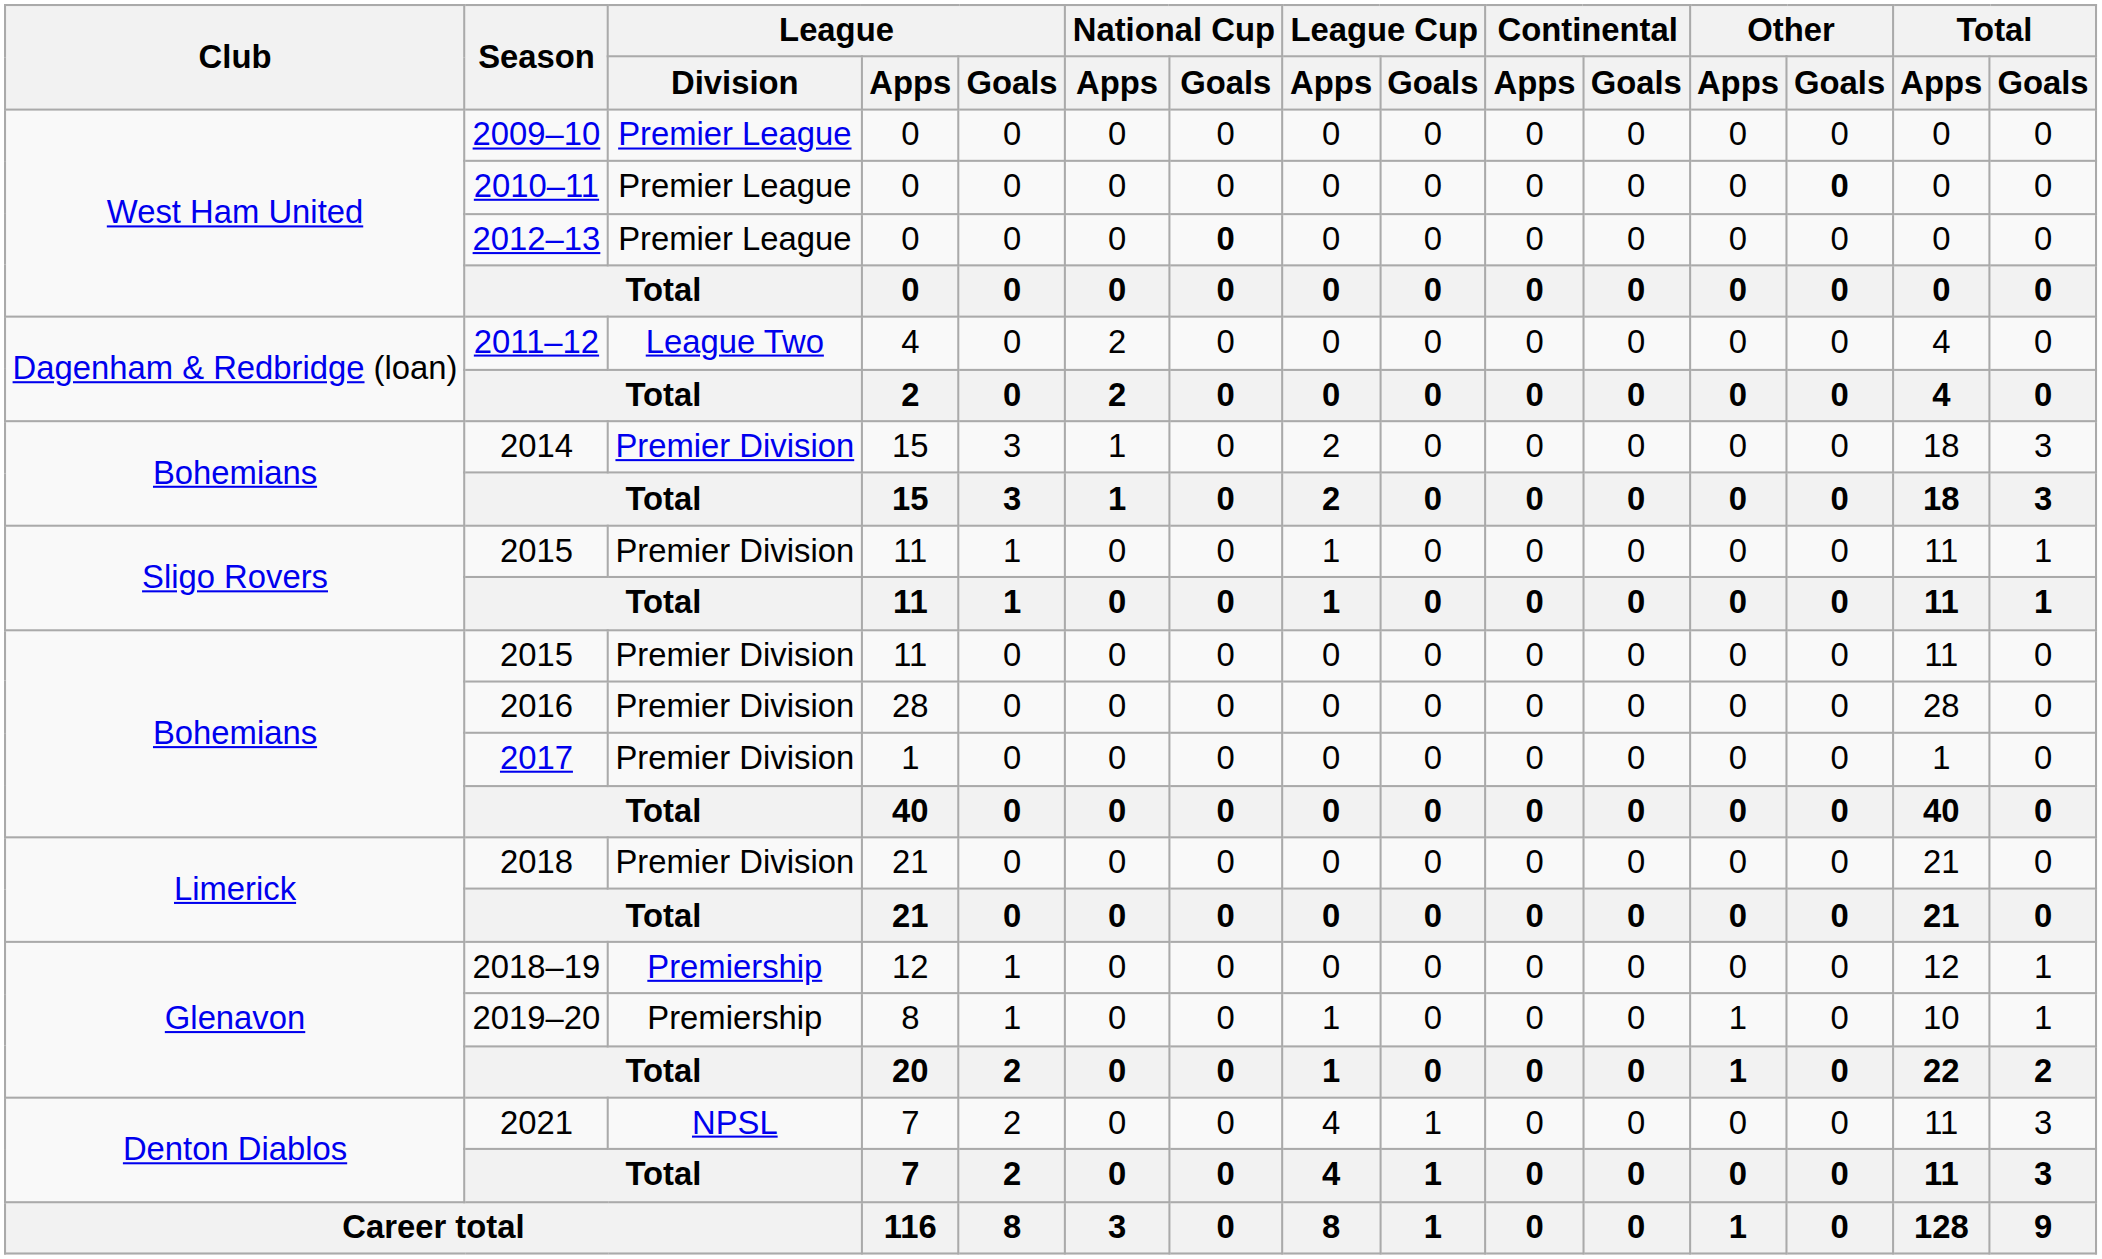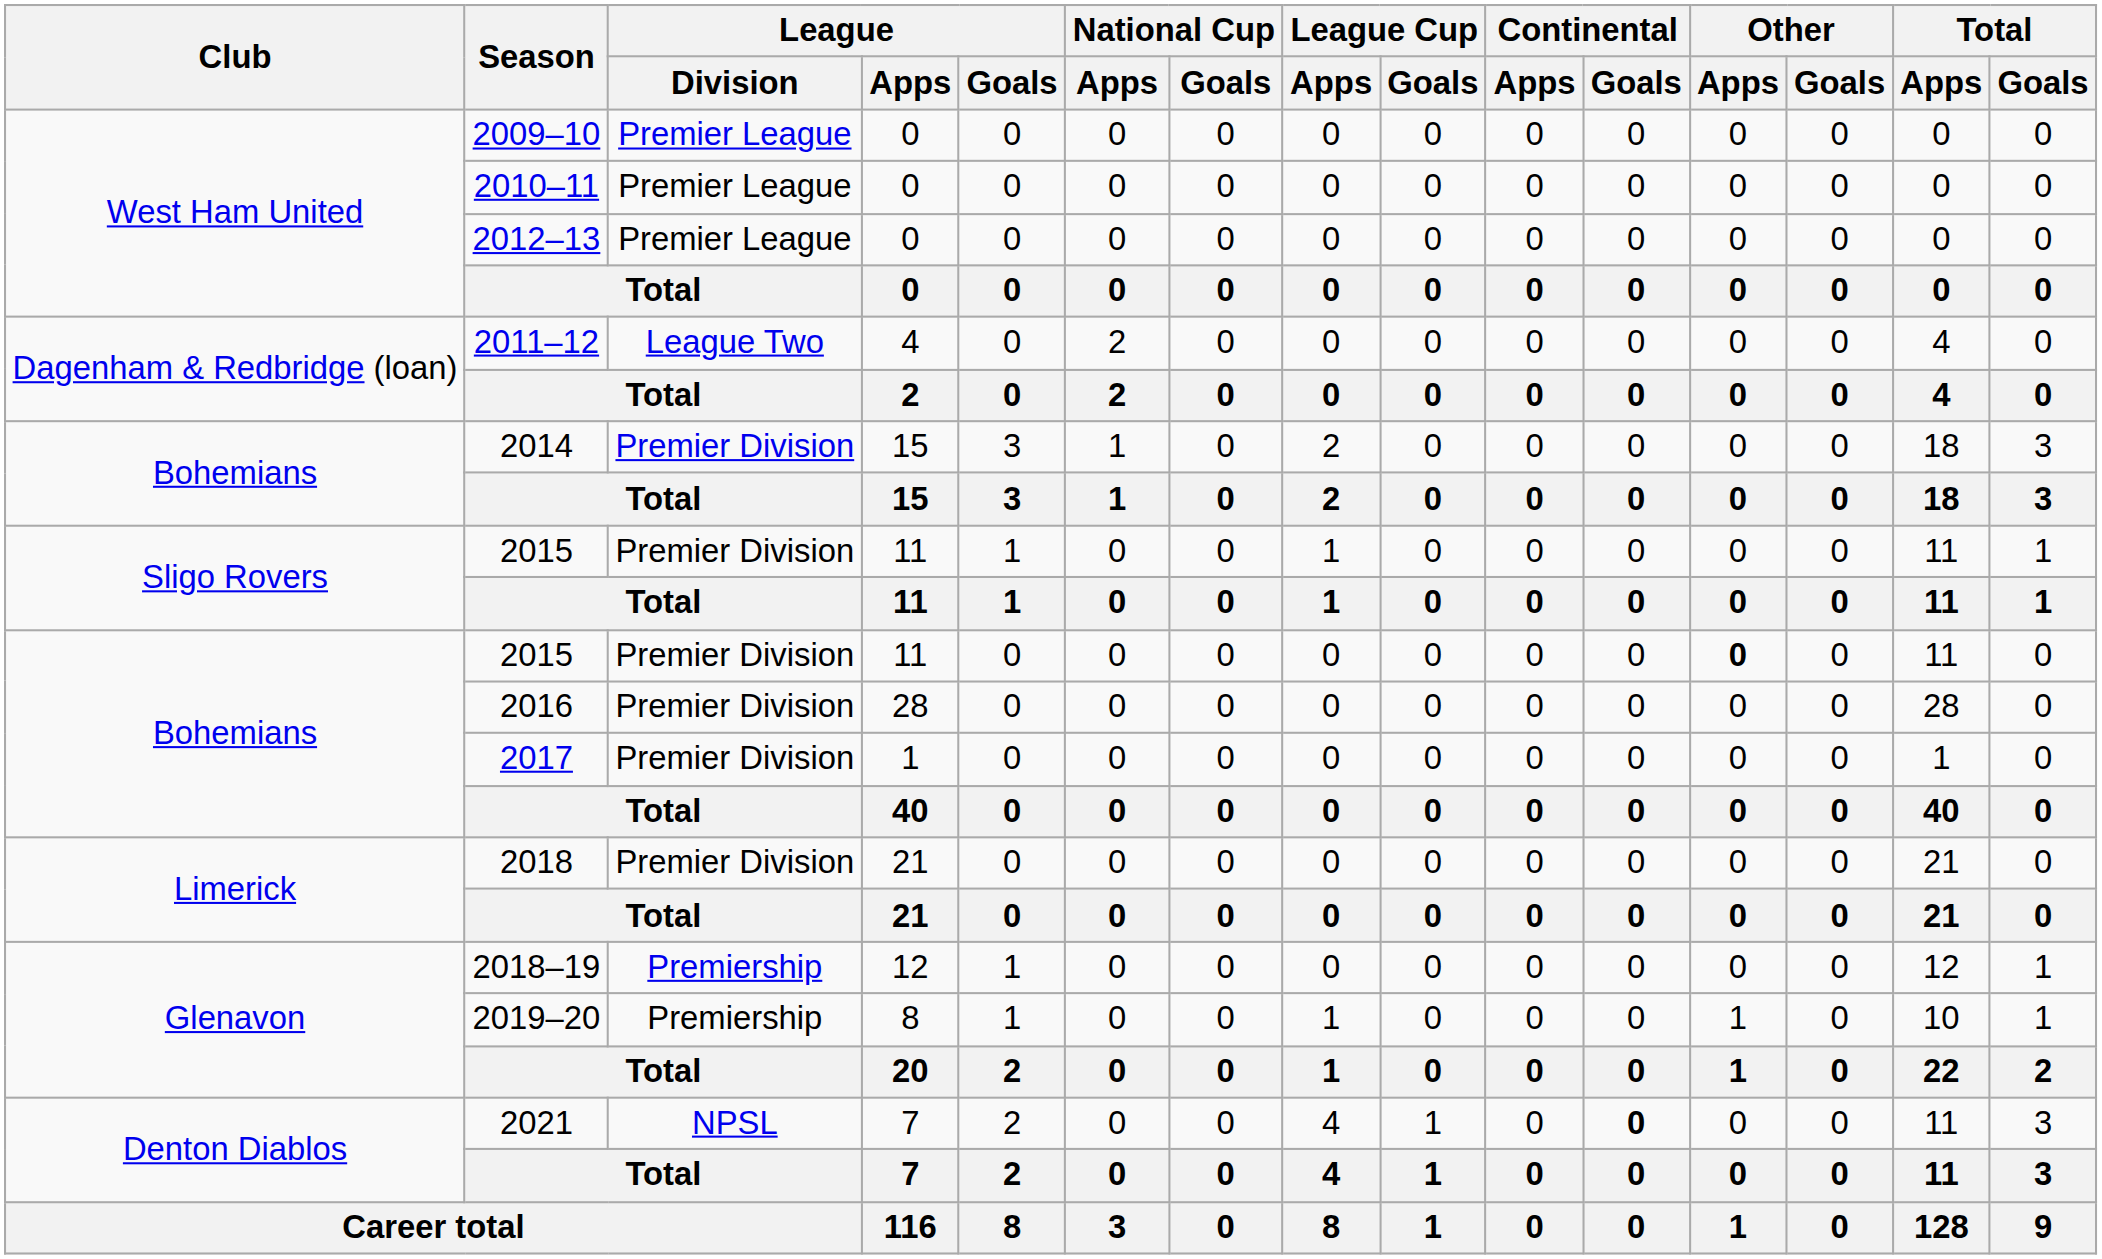 <table class="wikitable" style=text-align:center>
 <tr>
 <th rowspan="2">Club</th>
 <th rowspan="2">Season</th>
 <th colspan="3">League</th>
 <th colspan="2">National Cup</th>
 <th colspan="2">League Cup</th>
 <th colspan="2">Continental</th>
 <th colspan="2">Other</th>
 <th colspan="2">Total</th>
 </tr>
 <tr>
 <th>Division</th>
 <th>Apps</th>
 <th>Goals</th>
 <th>Apps</th>
 <th>Goals</th>
 <th>Apps</th>
 <th>Goals</th>
 <th>Apps</th>
 <th>Goals</th>
 <th>Apps</th>
 <th>Goals</th>
 <th>Apps</th>
 <th>Goals</th>
 </tr>
 <tr>
 <td rowspan="4"><a href='#'>West Ham United</a></td>
 <td><a href='#'>2009–10</a></td>
 <td><a href='#'>Premier League</a></td>
 <td>0</td>
 <td>0</td>
 <td>0</td>
 <td>0</td>
 <td>0</td>
 <td>0</td>
 <td>0</td>
 <td>0</td>
 <td>0</td>
 <td>0</td>
 <td>0</td>
 <td>0</td>
 </tr>
 <tr>
 <td><a href='#'>2010–11</a></td>
 <td>Premier League</td>
 <td>0</td>
 <td>0</td>
 <td>0</td>
 <td>0</td>
 <td>0</td>
 <td>0</td>
 <td>0</td>
 <td>0</td>
 <td>0</td>
-<td><strong>0</strong></td>
+<td>0</td>
 <td>0</td>
 <td>0</td>
 </tr>
 <tr>
 <td><a href='#'>2012–13</a></td>
 <td>Premier League</td>
 <td>0</td>
 <td>0</td>
 <td>0</td>
-<td><strong>0</strong></td>
+<td>0</td>
 <td>0</td>
 <td>0</td>
 <td>0</td>
 <td>0</td>
 <td>0</td>
 <td>0</td>
 <td>0</td>
 <td>0</td>
 </tr>
 <tr>
 <th colspan="2">Total</th>
 <th>0</th>
 <th>0</th>
 <th>0</th>
 <th>0</th>
 <th>0</th>
 <th>0</th>
 <th>0</th>
 <th>0</th>
 <th>0</th>
 <th>0</th>
 <th>0</th>
 <th>0</th>
 </tr>
 <tr>
 <td rowspan="2"><a href='#'>Dagenham & Redbridge</a> (loan)</td>
 <td><a href='#'>2011–12</a></td>
 <td><a href='#'>League Two</a></td>
 <td>4</td>
 <td>0</td>
 <td>2</td>
 <td>0</td>
 <td>0</td>
 <td>0</td>
 <td>0</td>
 <td>0</td>
 <td>0</td>
 <td>0</td>
 <td>4</td>
 <td>0</td>
 </tr>
 <tr>
 <th colspan="2">Total</th>
 <th>2</th>
 <th>0</th>
 <th>2</th>
 <th>0</th>
 <th>0</th>
 <th>0</th>
 <th>0</th>
 <th>0</th>
 <th>0</th>
 <th>0</th>
 <th>4</th>
 <th>0</th>
 </tr>
 <tr>
 <td rowspan="2"><a href='#'>Bohemians</a></td>
 <td>2014</td>
 <td><a href='#'>Premier Division</a></td>
 <td>15</td>
 <td>3</td>
 <td>1</td>
 <td>0</td>
 <td>2</td>
 <td>0</td>
 <td>0</td>
 <td>0</td>
 <td>0</td>
 <td>0</td>
 <td>18</td>
 <td>3</td>
 </tr>
 <tr>
 <th colspan="2">Total</th>
 <th>15</th>
 <th>3</th>
 <th>1</th>
 <th>0</th>
 <th>2</th>
 <th>0</th>
 <th>0</th>
 <th>0</th>
 <th>0</th>
 <th>0</th>
 <th>18</th>
 <th>3</th>
 </tr>
 <tr>
 <td rowspan="2"><a href='#'>Sligo Rovers</a></td>
 <td>2015</td>
 <td>Premier Division</td>
 <td>11</td>
 <td>1</td>
 <td>0</td>
 <td>0</td>
 <td>1</td>
 <td>0</td>
 <td>0</td>
 <td>0</td>
 <td>0</td>
 <td>0</td>
 <td>11</td>
 <td>1</td>
 </tr>
 <tr>
 <th colspan="2">Total</th>
 <th>11</th>
 <th>1</th>
 <th>0</th>
 <th>0</th>
 <th>1</th>
 <th>0</th>
 <th>0</th>
 <th>0</th>
 <th>0</th>
 <th>0</th>
 <th>11</th>
 <th>1</th>
 </tr>
 <tr>
 <td rowspan="4"><a href='#'>Bohemians</a></td>
 <td>2015</td>
 <td>Premier Division</td>
 <td>11</td>
 <td>0</td>
 <td>0</td>
 <td>0</td>
 <td>0</td>
 <td>0</td>
 <td>0</td>
 <td>0</td>
-<td>0</td>
+<td><strong>0</strong></td>
 <td>0</td>
 <td>11</td>
 <td>0</td>
 </tr>
 <tr>
 <td>2016</td>
 <td>Premier Division</td>
 <td>28</td>
 <td>0</td>
 <td>0</td>
 <td>0</td>
 <td>0</td>
 <td>0</td>
 <td>0</td>
 <td>0</td>
 <td>0</td>
 <td>0</td>
 <td>28</td>
 <td>0</td>
 </tr>
 <tr>
 <td><a href='#'>2017</a></td>
 <td>Premier Division</td>
 <td>1</td>
 <td>0</td>
 <td>0</td>
 <td>0</td>
 <td>0</td>
 <td>0</td>
 <td>0</td>
 <td>0</td>
 <td>0</td>
 <td>0</td>
 <td>1</td>
 <td>0</td>
 </tr>
 <tr>
 <th colspan="2">Total</th>
 <th>40</th>
 <th>0</th>
 <th>0</th>
 <th>0</th>
 <th>0</th>
 <th>0</th>
 <th>0</th>
 <th>0</th>
 <th>0</th>
 <th>0</th>
 <th>40</th>
 <th>0</th>
 </tr>
 <tr>
 <td rowspan="2"><a href='#'>Limerick</a></td>
 <td>2018</td>
 <td>Premier Division</td>
 <td>21</td>
 <td>0</td>
 <td>0</td>
 <td>0</td>
 <td>0</td>
 <td>0</td>
 <td>0</td>
 <td>0</td>
 <td>0</td>
 <td>0</td>
 <td>21</td>
 <td>0</td>
 </tr>
 <tr>
 <th colspan="2">Total</th>
 <th>21</th>
 <th>0</th>
 <th>0</th>
 <th>0</th>
 <th>0</th>
 <th>0</th>
 <th>0</th>
 <th>0</th>
 <th>0</th>
 <th>0</th>
 <th>21</th>
 <th>0</th>
 </tr>
 <tr>
 <td rowspan="3"><a href='#'>Glenavon</a></td>
 <td>2018–19</td>
 <td><a href='#'>Premiership</a></td>
 <td>12</td>
 <td>1</td>
 <td>0</td>
 <td>0</td>
 <td>0</td>
 <td>0</td>
 <td>0</td>
 <td>0</td>
 <td>0</td>
 <td>0</td>
 <td>12</td>
 <td>1</td>
 </tr>
 <tr>
 <td>2019–20</td>
 <td>Premiership</td>
 <td>8</td>
 <td>1</td>
 <td>0</td>
 <td>0</td>
 <td>1</td>
 <td>0</td>
 <td>0</td>
 <td>0</td>
 <td>1</td>
 <td>0</td>
 <td>10</td>
 <td>1</td>
 </tr>
 <tr>
 <th colspan="2">Total</th>
 <th>20</th>
 <th>2</th>
 <th>0</th>
 <th>0</th>
 <th>1</th>
 <th>0</th>
 <th>0</th>
 <th>0</th>
 <th>1</th>
 <th>0</th>
 <th>22</th>
 <th>2</th>
 </tr>
 <tr>
 <td rowspan="2"><a href='#'>Denton Diablos</a></td>
 <td>2021</td>
 <td><a href='#'>NPSL</a></td>
 <td>7</td>
 <td>2</td>
 <td>0</td>
 <td>0</td>
 <td>4</td>
 <td>1</td>
 <td>0</td>
-<td>0</td>
+<td><strong>0</strong></td>
 <td>0</td>
 <td>0</td>
 <td>11</td>
 <td>3</td>
 </tr>
 <tr>
 <th colspan="2">Total</th>
 <th>7</th>
 <th>2</th>
 <th>0</th>
 <th>0</th>
 <th>4</th>
 <th>1</th>
 <th>0</th>
 <th>0</th>
 <th>0</th>
 <th>0</th>
 <th>11</th>
 <th>3</th>
 </tr>
 <tr>
 <th colspan="3">Career total</th>
 <th>116</th>
 <th>8</th>
 <th>3</th>
 <th>0</th>
 <th>8</th>
 <th>1</th>
 <th>0</th>
 <th>0</th>
 <th>1</th>
 <th>0</th>
 <th>128</th>
 <th>9</th>
 </tr>
 </table>
